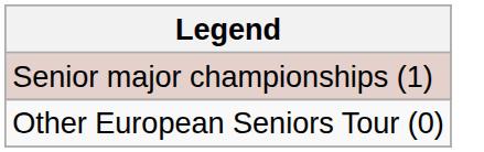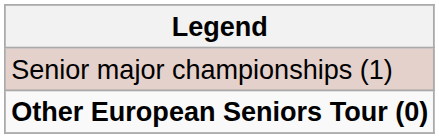 <table class="wikitable" style="font-size:95%;">
 <tr>
 <th>Legend</th>
 </tr>
 <tr style="background:#e5d1cb;">
 <td>Senior major championships (1)</td>
 </tr>
 <tr>
-<td>Other European Seniors Tour (0)</td>
+<td><strong>Other European Seniors Tour (0)</strong></td>
 </tr>
 </table>
